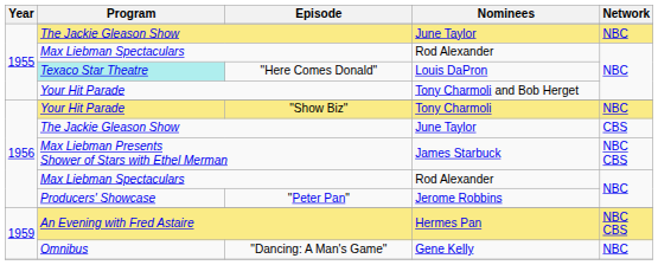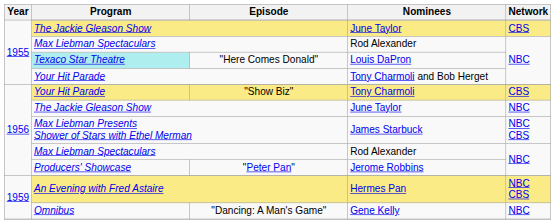 <table class="wikitable">
 <tr>
 <th width="5%">Year</th>
 <th width="30%">Program</th>
 <th width="30%">Episode</th>
 <th width="30%">Nominees</th>
 <th width="5%">Network</th>
 </tr>
 <tr>
 <td rowspan="5" style="text-align:center;"><a href='#'>1955</a><br></td>
 </tr>
 <tr style="background:#FAEB86">
 <td colspan=2><em><a href='#'>The Jackie Gleason Show</a></em></td>
 <td><a href='#'>June Taylor</a></td>
-<td><a href='#'>NBC</a></td>
+<td><a href='#'>CBS</a></td>
 </tr>
 <tr>
 <td colspan=2><em><a href='#'>Max Liebman Spectaculars</a></em></td>
 <td>Rod Alexander</td>
 <td rowspan=3><a href='#'>NBC</a></td>
 </tr>
 <tr>
 <td style="background: paleturquoise;"><em><a href='#'>Texaco Star Theatre</a></em></td>
 <td align=center>"Here Comes Donald"</td>
 <td><a href='#'>Louis DaPron</a></td>
 </tr>
 <tr>
 <td colspan=2><em><a href='#'>Your Hit Parade</a></em></td>
 <td><a href='#'>Tony Charmoli</a> and Bob Herget</td>
 </tr>
 <tr>
 <td rowspan="6" style="text-align:center;"><a href='#'>1956</a><br></td>
 </tr>
 <tr style="background:#FAEB86">
 <td><em><a href='#'>Your Hit Parade</a></em></td>
 <td align=center>"Show Biz"</td>
 <td><a href='#'>Tony Charmoli</a></td>
-<td><a href='#'>NBC</a></td>
+<td><a href='#'>CBS</a></td>
 </tr>
 <tr>
 <td colspan=2><em><a href='#'>The Jackie Gleason Show</a></em></td>
 <td><a href='#'>June Taylor</a></td>
-<td><a href='#'>CBS</a></td>
+<td><a href='#'>NBC</a></td>
 </tr>
 <tr>
 <td colspan=2><em><a href='#'>Max Liebman Presents</a></em><br><em><a href='#'>Shower of Stars with Ethel Merman</a></em></td>
 <td><a href='#'>James Starbuck</a></td>
 <td><a href='#'>NBC</a><br><a href='#'>CBS</a></td>
 </tr>
 <tr>
 <td colspan=2><em><a href='#'>Max Liebman Spectaculars</a></em></td>
 <td>Rod Alexander</td>
 <td rowspan=2><a href='#'>NBC</a></td>
 </tr>
 <tr>
 <td><em><a href='#'>Producers' Showcase</a></em></td>
 <td align=center>"<a href='#'>Peter Pan</a>"</td>
 <td><a href='#'>Jerome Robbins</a></td>
 </tr>
 <tr>
 <td rowspan="3" style="text-align:center;"><a href='#'>1959</a><br></td>
 </tr>
 <tr style="background:#FAEB86">
 <td colspan=2><em><a href='#'>An Evening with Fred Astaire</a></em></td>
 <td><a href='#'>Hermes Pan</a></td>
 <td><a href='#'>NBC</a><br><a href='#'>CBS</a></td>
 </tr>
 <tr>
 <td><em><a href='#'>Omnibus</a></em></td>
 <td align=center>"Dancing: A Man's Game"</td>
 <td><a href='#'>Gene Kelly</a></td>
 <td><a href='#'>NBC</a></td>
 </tr>
 <tr>
 </tr>
 </table>
